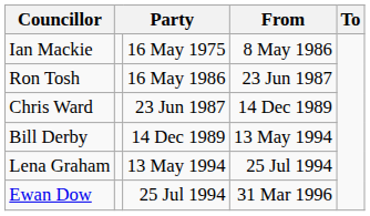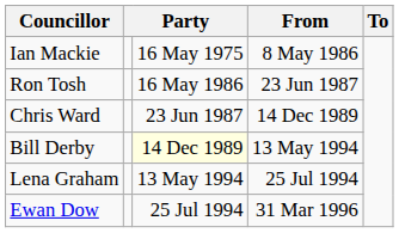 <table class=wikitable>
 <tr>
 <th>Councillor</th>
 <th colspan=2>Party</th>
 <th>From</th>
 <th>To</th>
 </tr>
 <tr>
 <td>Ian Mackie</td>
 <td></td>
 <td align=right>16 May 1975</td>
 <td align=right>8 May 1986</td>
 </tr>
 <tr>
 <td>Ron Tosh</td>
 <td></td>
 <td align=right>16 May 1986</td>
 <td align=right>23 Jun 1987</td>
 </tr>
 <tr>
 <td>Chris Ward</td>
 <td></td>
 <td align=right>23 Jun 1987</td>
 <td align=right>14 Dec 1989</td>
 </tr>
 <tr>
 <td>Bill Derby</td>
 <td></td>
-<td align=right>14 Dec 1989</td>
+<td align=right style="background: lightyellow;">14 Dec 1989</td>
 <td align=right>13 May 1994</td>
 </tr>
 <tr>
 <td>Lena Graham</td>
 <td></td>
 <td align=right>13 May 1994</td>
 <td align=right>25 Jul 1994</td>
 </tr>
 <tr>
 <td><a href='#'>Ewan Dow</a></td>
 <td></td>
 <td align=right>25 Jul 1994</td>
 <td align=right>31 Mar 1996</td>
 </tr>
 </table>
